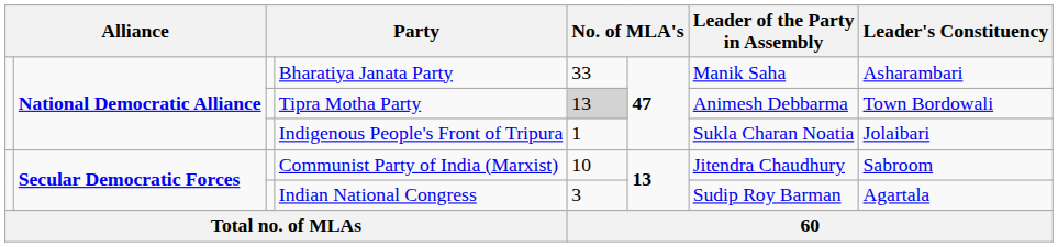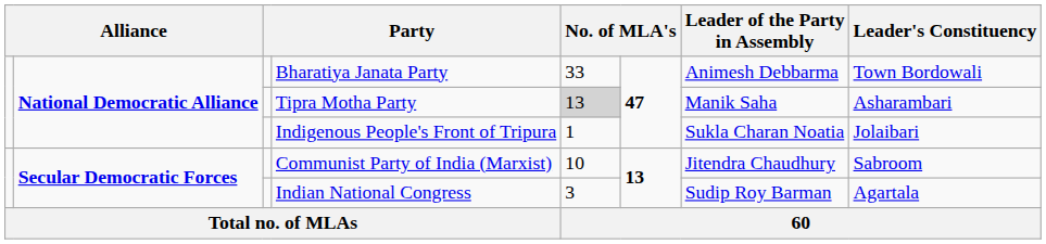 <table class="wikitable">
 <tr>
 <th colspan="2">Alliance</th>
 <th colspan="2">Party</th>
 <th colspan="2">No. of MLA's</th>
 <th>Leader of the Party<br>in Assembly</th>
 <th>Leader's Constituency</th>
 </tr>
 <tr>
 <td rowspan="3" style="background:"></td>
 <td rowspan="3"><strong><a href='#'>National Democratic Alliance</a></strong></td>
 <td style="background:"></td>
 <td><a href='#'>Bharatiya Janata Party</a></td>
 <td>33</td>
 <td rowspan="3"><strong>47</strong></td>
-<td><a href='#'>Manik Saha</a></td>
-<td><a href='#'>Asharambari</a></td>
+<td><a href='#'>Animesh Debbarma</a></td>
+<td><a href='#'>Town Bordowali</a></td>
 </tr>
 <tr>
 <td style="background:"></td>
 <td><a href='#'>Tipra Motha Party</a></td>
 <td style="background: lightgrey;">13</td>
-<td><a href='#'>Animesh Debbarma</a></td>
-<td><a href='#'>Town Bordowali</a></td>
+<td><a href='#'>Manik Saha</a></td>
+<td><a href='#'>Asharambari</a></td>
 </tr>
 <tr>
 <td style="background:"></td>
 <td><a href='#'>Indigenous People's Front of Tripura</a></td>
 <td>1</td>
 <td><a href='#'>Sukla Charan Noatia</a></td>
 <td><a href='#'>Jolaibari</a></td>
 </tr>
 <tr>
 <td rowspan="2" style="background:"></td>
 <td rowspan="2"><strong><a href='#'>Secular Democratic Forces</a></strong></td>
 <td style="background:"></td>
 <td><a href='#'>Communist Party of India (Marxist)</a></td>
 <td>10</td>
 <td rowspan="2"><strong>13</strong></td>
 <td><a href='#'>Jitendra Chaudhury</a></td>
 <td><a href='#'>Sabroom</a></td>
 </tr>
 <tr>
 <td style="background:"></td>
 <td><a href='#'>Indian National Congress</a></td>
 <td>3</td>
 <td><a href='#'>Sudip Roy Barman</a></td>
 <td><a href='#'>Agartala</a></td>
 </tr>
 <tr>
 <th colspan="4">Total no. of MLAs</th>
 <th colspan="4">60</th>
 </tr>
 </table>
